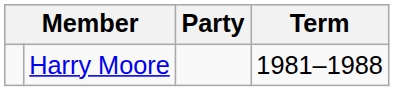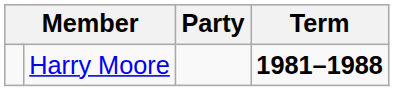 <table class="wikitable">
 <tr>
 <th colspan="2">Member</th>
 <th>Party</th>
 <th>Term</th>
 </tr>
 <tr>
 <td> </td>
 <td><a href='#'>Harry Moore</a></td>
 <td></td>
-<td>1981–1988</td>
+<td><strong>1981–1988</strong></td>
 </tr>
 </table>
